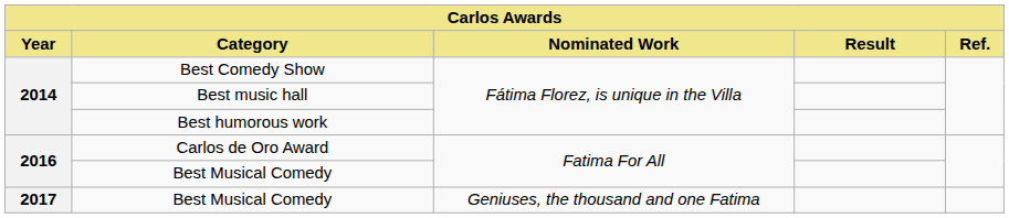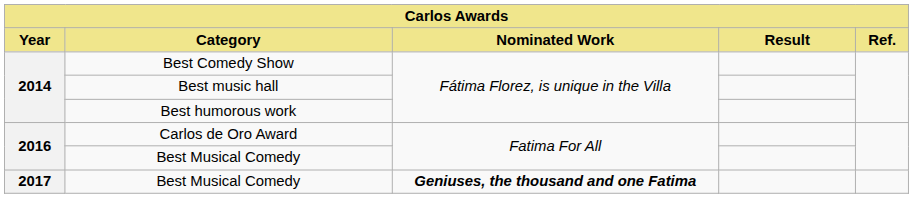 <table class="wikitable" width="77%">
 <tr>
 <th colspan="5" style="background:#F0E68C">Carlos Awards</th>
 </tr>
 <tr>
 <th width="33" style="background:#F0E68C">Year</th>
 <th width="225" style="background:#F0E68C">Category</th>
 <th width="225" style="background:#F0E68C">Nominated Work</th>
 <th width="90" style="background:#F0E68C">Result</th>
 <th width="5" style="background:#F0E68C">Ref.</th>
 </tr>
 <tr>
 <th rowspan="3">2014</th>
 <td align="center">Best Comedy Show</td>
 <td rowspan="3" align="center"><em>Fátima Florez, is unique in the Villa</em></td>
 <td></td>
 <td rowspan="3" align="center"></td>
 </tr>
 <tr>
 <td align="center">Best music hall</td>
 <td></td>
 </tr>
 <tr>
 <td align="center">Best humorous work</td>
 <td></td>
 </tr>
 <tr>
 <th rowspan="2">2016</th>
 <td align="center">Carlos de Oro Award</td>
 <td rowspan="2" align="center"><em>Fatima For All</em></td>
 <td></td>
 <td rowspan="2" align="center"></td>
 </tr>
 <tr>
 <td align="center">Best Musical Comedy</td>
 <td></td>
 </tr>
 <tr>
 <th>2017</th>
 <td align="center">Best Musical Comedy</td>
-<td align="center"><em>Geniuses, the thousand and one Fatima</em></td>
+<td align="center"><strong><em>Geniuses, the thousand and one Fatima</em></strong></td>
 <td></td>
 <td align="center"></td>
 </tr>
 </table>
